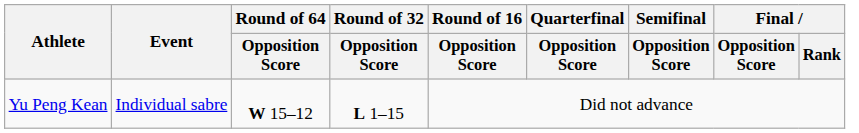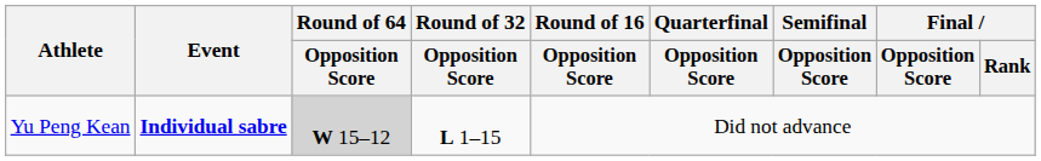 <table class="wikitable" style="font-size:90%">
 <tr>
 <th rowspan="2">Athlete</th>
 <th rowspan="2">Event</th>
 <th>Round of 64</th>
 <th>Round of 32</th>
 <th>Round of 16</th>
 <th>Quarterfinal</th>
 <th>Semifinal</th>
 <th colspan=2>Final / </th>
 </tr>
 <tr style="font-size:95%">
 <th>Opposition <br> Score</th>
 <th>Opposition <br> Score</th>
 <th>Opposition <br> Score</th>
 <th>Opposition <br> Score</th>
 <th>Opposition <br> Score</th>
 <th>Opposition <br> Score</th>
 <th>Rank</th>
 </tr>
 <tr align=center>
 <td align=left><a href='#'>Yu Peng Kean</a></td>
-<td align=left><a href='#'>Individual sabre</a></td>
-<td><br><strong>W</strong> 15–12</td>
+<td align=left><strong><a href='#'>Individual sabre</a></strong></td>
+<td style="background: lightgrey;"><br><strong>W</strong> 15–12</td>
 <td><br><strong>L</strong> 1–15</td>
 <td colspan=5>Did not advance</td>
 </tr>
 </table>
